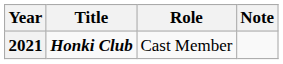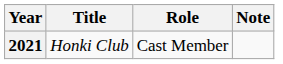 <table class="wikitable  plainrowheaders sortable">
 <tr>
 <th>Year</th>
 <th>Title</th>
 <th>Role</th>
 <th>Note</th>
 </tr>
 <tr>
 <th scope="row">2021</th>
-<td><strong><em>Honki Club </em></strong></td>
+<td><em>Honki Club </em></td>
 <td>Cast Member  </td>
 </tr>
 </table>
